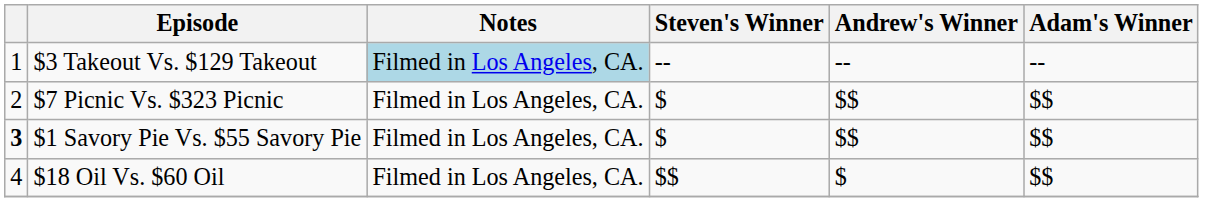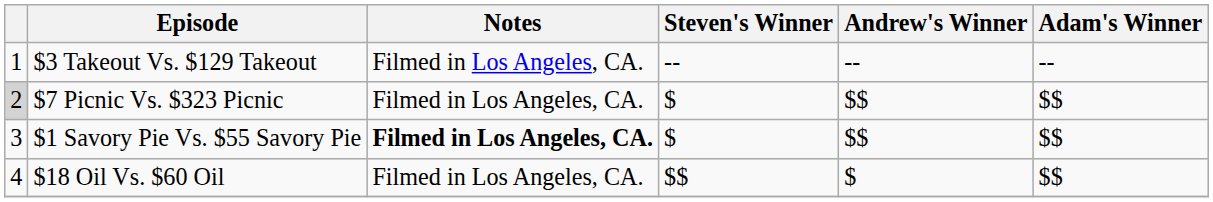 <table class="wikitable">
 <tr>
 <th></th>
 <th>Episode</th>
 <th>Notes</th>
 <th>Steven's Winner</th>
 <th>Andrew's Winner</th>
 <th>Adam's Winner</th>
 </tr>
 <tr>
 <td>1</td>
 <td>$3 Takeout Vs. $129 Takeout</td>
-<td style="background: lightblue;">Filmed in <a href='#'>Los Angeles</a>, CA.</td>
+<td>Filmed in <a href='#'>Los Angeles</a>, CA.</td>
 <td>--</td>
 <td>--</td>
 <td>--</td>
 </tr>
 <tr>
-<td>2</td>
+<td style="background: lightgrey;">2</td>
 <td>$7 Picnic Vs. $323 Picnic</td>
 <td>Filmed in Los Angeles, CA.</td>
 <td>$</td>
 <td>$$</td>
 <td>$$</td>
 </tr>
 <tr>
-<td><strong>3</strong></td>
+<td>3</td>
 <td>$1 Savory Pie Vs. $55 Savory Pie</td>
-<td>Filmed in Los Angeles, CA.</td>
+<td><strong>Filmed in Los Angeles, CA.</strong></td>
 <td>$</td>
 <td>$$</td>
 <td>$$</td>
 </tr>
 <tr>
 <td>4</td>
 <td>$18 Oil Vs. $60 Oil</td>
 <td>Filmed in Los Angeles, CA.</td>
 <td>$$</td>
 <td>$</td>
 <td>$$</td>
 </tr>
 <tr>
 </tr>
 </table>
